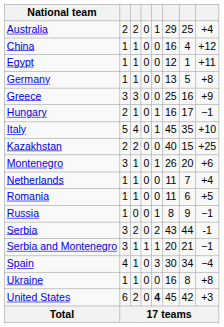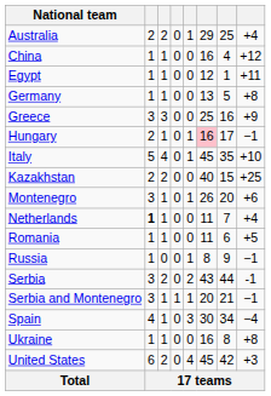 <table class="wikitable" style="text-align: center;">
 <tr>
 <th>National team</th>
 <th></th>
 <th></th>
 <th></th>
 <th></th>
 <th></th>
 <th></th>
 <th></th>
 </tr>
 <tr>
 <td align="left"> <a href='#'>Australia</a></td>
 <td>2</td>
 <td>2</td>
 <td>0</td>
 <td>1</td>
 <td>29</td>
 <td>25</td>
 <td>+4</td>
 </tr>
 <tr>
 <td align="left"> <a href='#'>China</a></td>
 <td>1</td>
 <td>1</td>
 <td>0</td>
 <td>0</td>
 <td>16</td>
 <td>4</td>
 <td>+12</td>
 </tr>
 <tr>
 <td align="left"> <a href='#'>Egypt</a></td>
 <td>1</td>
 <td>1</td>
 <td>0</td>
 <td>0</td>
 <td>12</td>
 <td>1</td>
 <td>+11</td>
 </tr>
 <tr>
 <td align="left"> <a href='#'>Germany</a></td>
 <td>1</td>
 <td>1</td>
 <td>0</td>
 <td>0</td>
 <td>13</td>
 <td>5</td>
 <td>+8</td>
 </tr>
 <tr>
 <td align="left"> <a href='#'>Greece</a></td>
 <td>3</td>
 <td>3</td>
 <td>0</td>
 <td>0</td>
 <td>25</td>
 <td>16</td>
 <td>+9</td>
 </tr>
 <tr>
 <td align="left"> <a href='#'>Hungary</a></td>
 <td>2</td>
 <td>1</td>
 <td>0</td>
 <td>1</td>
-<td>16</td>
+<td style="background: pink;">16</td>
 <td>17</td>
 <td>−1</td>
 </tr>
 <tr>
 <td align="left"> <a href='#'>Italy</a></td>
 <td>5</td>
 <td>4</td>
 <td>0</td>
 <td>1</td>
 <td>45</td>
 <td>35</td>
 <td>+10</td>
 </tr>
 <tr>
 <td align="left"> <a href='#'>Kazakhstan</a></td>
 <td>2</td>
 <td>2</td>
 <td>0</td>
 <td>0</td>
 <td>40</td>
 <td>15</td>
 <td>+25</td>
 </tr>
 <tr>
 <td align="left"> <a href='#'>Montenegro</a></td>
 <td>3</td>
 <td>1</td>
 <td>0</td>
 <td>1</td>
 <td>26</td>
 <td>20</td>
 <td>+6</td>
 </tr>
 <tr>
 <td align="left"> <a href='#'>Netherlands</a></td>
-<td>1</td>
+<td><strong>1</strong></td>
 <td>1</td>
 <td>0</td>
 <td>0</td>
 <td>11</td>
 <td>7</td>
 <td>+4</td>
 </tr>
 <tr>
 <td align="left"> <a href='#'>Romania</a></td>
 <td>1</td>
 <td>1</td>
 <td>0</td>
 <td>0</td>
 <td>11</td>
 <td>6</td>
 <td>+5</td>
 </tr>
 <tr>
 <td align="left"> <a href='#'>Russia</a></td>
 <td>1</td>
 <td>0</td>
 <td>0</td>
 <td>1</td>
 <td>8</td>
 <td>9</td>
 <td>−1</td>
 </tr>
 <tr>
 <td align="left"> <a href='#'>Serbia</a></td>
 <td>3</td>
 <td>2</td>
 <td>0</td>
 <td>2</td>
 <td>43</td>
 <td>44</td>
 <td>-1</td>
 </tr>
 <tr>
 <td align="left"> <a href='#'>Serbia and Montenegro</a></td>
 <td>3</td>
 <td>1</td>
 <td>1</td>
 <td>1</td>
 <td>20</td>
 <td>21</td>
 <td>−1</td>
 </tr>
 <tr>
 <td align="left"> <a href='#'>Spain</a></td>
 <td>4</td>
 <td>1</td>
 <td>0</td>
 <td>3</td>
 <td>30</td>
 <td>34</td>
 <td>−4</td>
 </tr>
 <tr>
 <td align="left"> <a href='#'>Ukraine</a></td>
 <td>1</td>
 <td>1</td>
 <td>0</td>
 <td>0</td>
 <td>16</td>
 <td>8</td>
 <td>+8</td>
 </tr>
 <tr>
 <td align="left"> <a href='#'>United States</a></td>
 <td>6</td>
 <td>2</td>
 <td>0</td>
-<td><strong>4</strong></td>
+<td>4</td>
 <td>45</td>
 <td>42</td>
 <td>+3</td>
 </tr>
 <tr>
 <th>Total</th>
 <th colspan="7">17 teams</th>
 </tr>
 </table>
